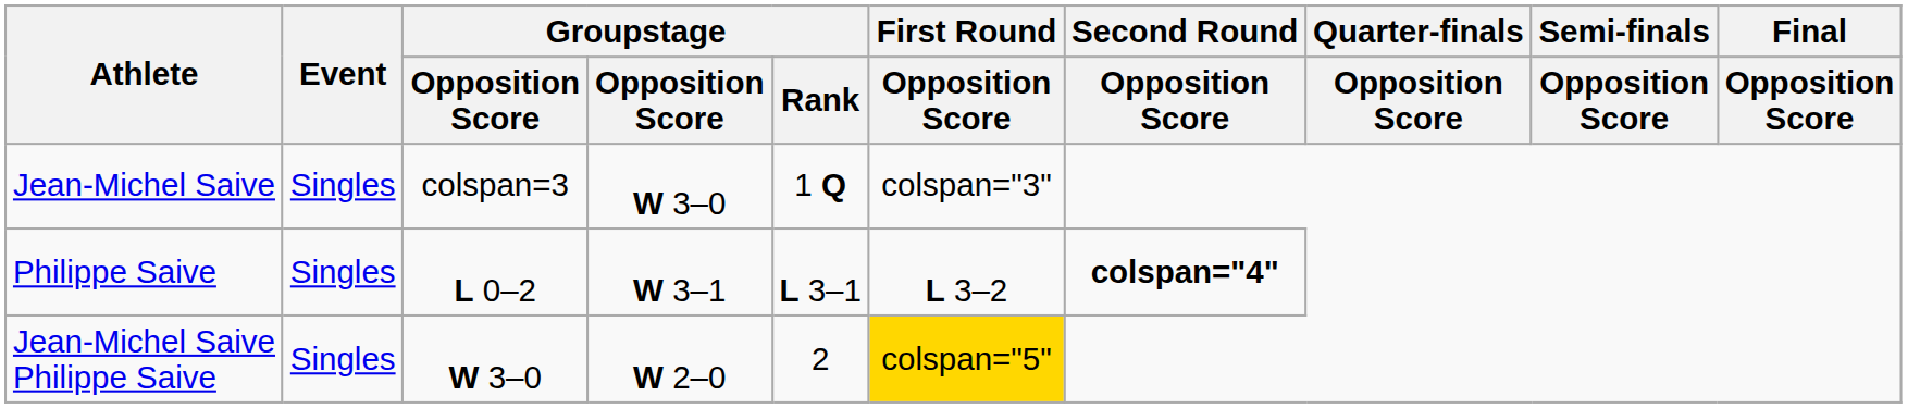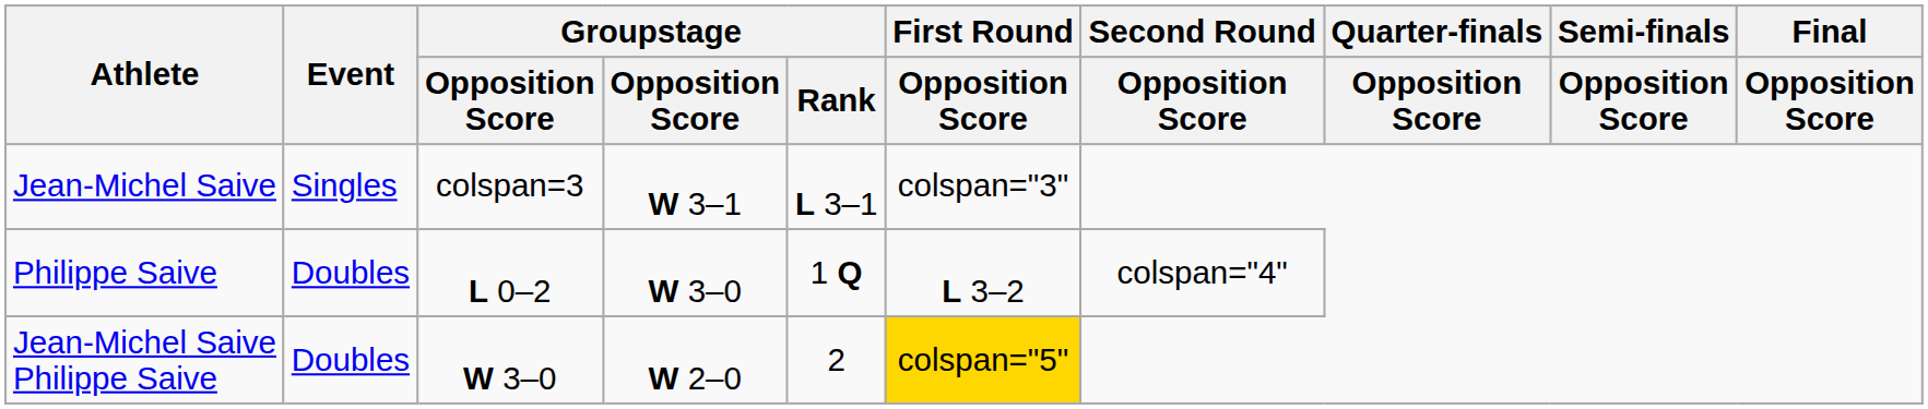 <table class=wikitable style="font-size:90%; text-align:center">
 <tr>
 <th rowspan="2">Athlete</th>
 <th rowspan="2">Event</th>
 <th colspan="3">Groupstage</th>
 <th>First Round</th>
 <th>Second Round</th>
 <th>Quarter-finals</th>
 <th>Semi-finals</th>
 <th>Final</th>
 </tr>
 <tr>
 <th>Opposition<br>Score</th>
 <th>Opposition<br>Score</th>
 <th>Rank</th>
 <th>Opposition<br>Score</th>
 <th>Opposition<br>Score</th>
 <th>Opposition<br>Score</th>
 <th>Opposition<br>Score</th>
 <th>Opposition<br>Score</th>
 </tr>
 <tr>
 <td align=left><a href='#'>Jean-Michel Saive</a></td>
 <td align=left><a href='#'>Singles</a></td>
 <td>colspan=3 </td>
-<td> <br><strong>W</strong> 3–0</td>
-<td>1 <strong>Q</strong></td>
+<td> <br><strong>W</strong> 3–1</td>
+<td> <br><strong>L</strong> 3–1</td>
 <td>colspan="3" </td>
 </tr>
 <tr>
 <td align=left><a href='#'>Philippe Saive</a></td>
-<td align=left><a href='#'>Singles</a></td>
+<td align=left><a href='#'>Doubles</a></td>
 <td> <br>  <strong>L</strong> 0–2</td>
-<td> <br><strong>W</strong> 3–1</td>
-<td> <br><strong>L</strong> 3–1</td>
+<td> <br><strong>W</strong> 3–0</td>
+<td>1 <strong>Q</strong></td>
 <td> <br><strong>L</strong> 3–2</td>
-<td><strong>colspan="4" </strong></td>
+<td>colspan="4" </td>
 </tr>
 <tr>
 <td align=left><a href='#'>Jean-Michel Saive</a><br><a href='#'>Philippe Saive</a></td>
-<td align=left><a href='#'>Singles</a></td>
+<td align=left><a href='#'>Doubles</a></td>
 <td> <br><strong>W</strong> 3–0</td>
 <td> <br> <strong>W</strong> 2–0</td>
 <td>2</td>
 <td style="background: gold;">colspan="5" </td>
 </tr>
 </table>
